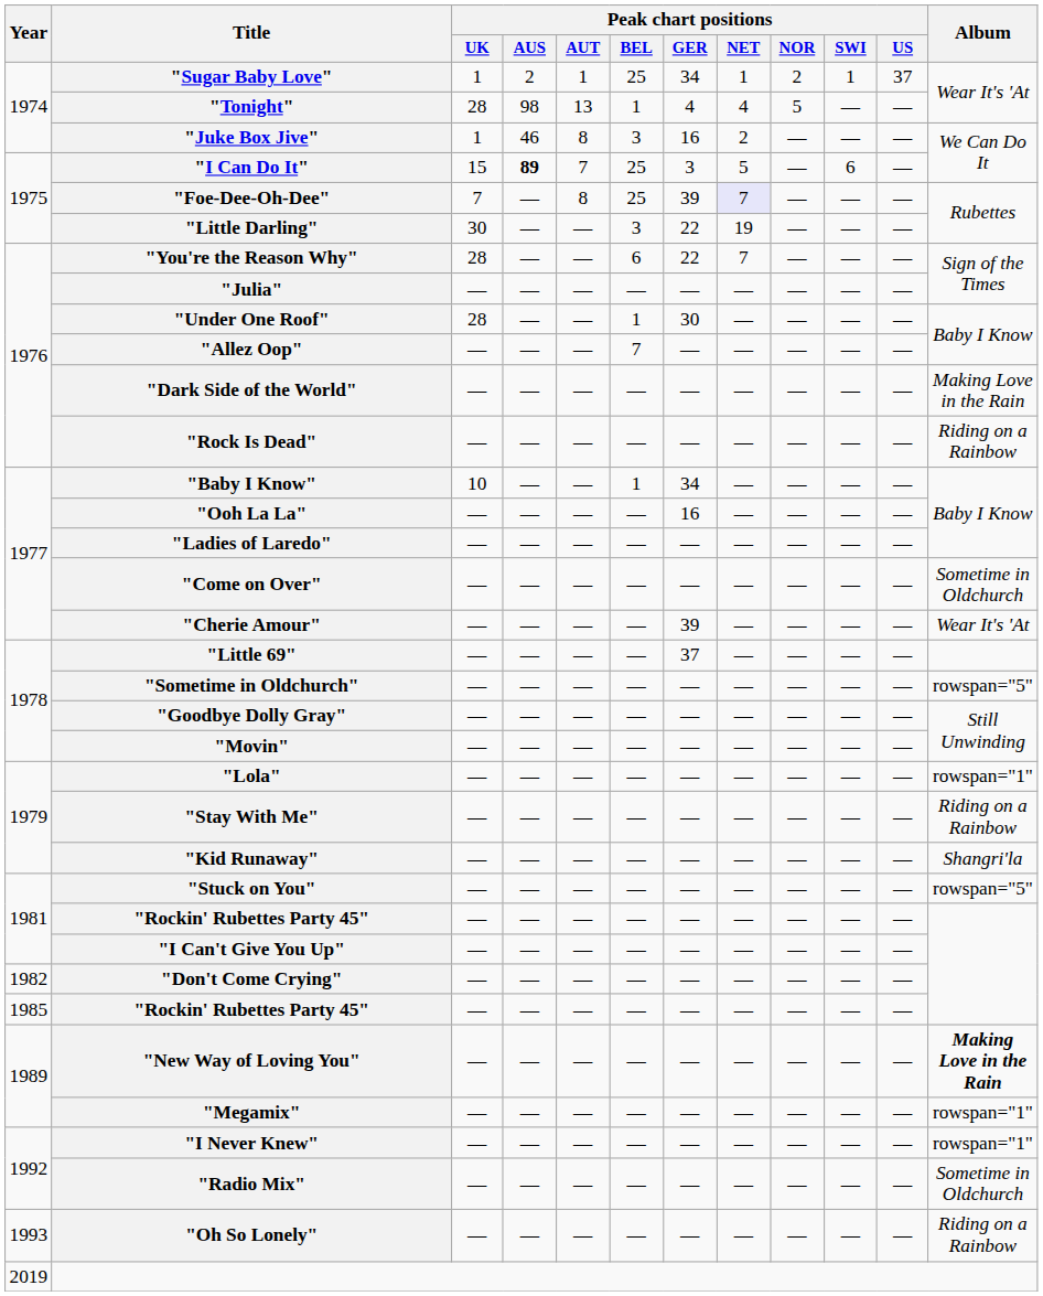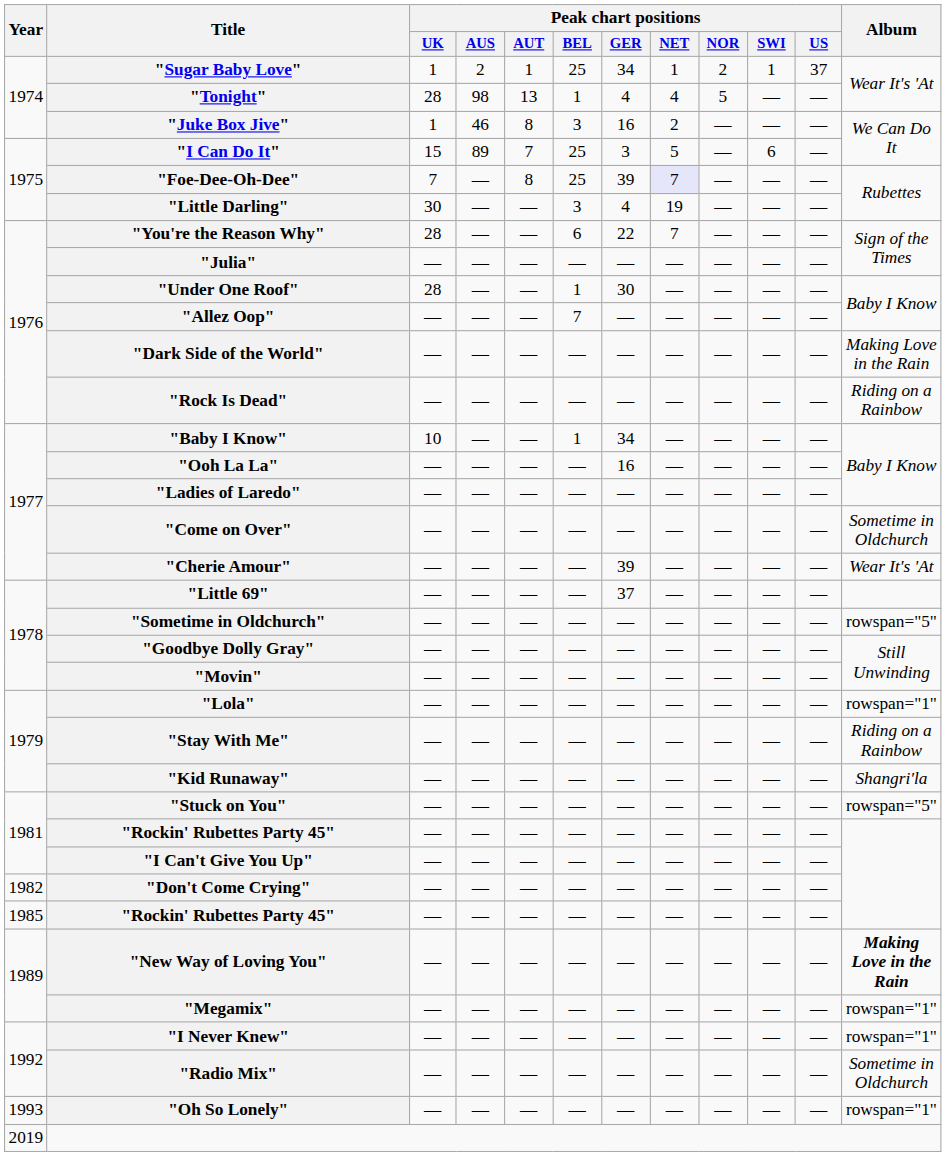 <table class="wikitable plainrowheaders" style="text-align:center;">
 <tr>
 <th scope="col" rowspan="2">Year</th>
 <th scope="col" rowspan="2" style="width:24em;">Title</th>
 <th scope="col" colspan="9">Peak chart positions</th>
 <th scope="col" rowspan="2">Album</th>
 </tr>
 <tr>
 <th style="width:3em;font-size:85%"><a href='#'>UK</a><br></th>
 <th style="width:3em;font-size:85%"><a href='#'>AUS</a><br></th>
 <th style="width:3em;font-size:85%"><a href='#'>AUT</a><br></th>
 <th style="width:3em;font-size:85%"><a href='#'>BEL</a><br></th>
 <th style="width:3em;font-size:85%"><a href='#'>GER</a><br></th>
 <th style="width:3em;font-size:85%"><a href='#'>NET</a><br></th>
 <th style="width:3em;font-size:85%"><a href='#'>NOR</a><br></th>
 <th style="width:3em;font-size:85%"><a href='#'>SWI</a><br></th>
 <th style="width:3em;font-size:85%"><a href='#'>US</a><br></th>
 </tr>
 <tr>
 <td rowspan="3">1974</td>
 <th scope="row">"<a href='#'>Sugar Baby Love</a>"</th>
 <td>1</td>
 <td>2</td>
 <td>1</td>
 <td>25</td>
 <td>34</td>
 <td>1</td>
 <td>2</td>
 <td>1</td>
 <td>37</td>
 <td rowspan="2"><em>Wear It's 'At</em></td>
 </tr>
 <tr>
 <th scope="row">"<a href='#'>Tonight</a>"</th>
 <td>28</td>
 <td>98</td>
 <td>13</td>
 <td>1</td>
 <td>4</td>
 <td>4</td>
 <td>5</td>
 <td>—</td>
 <td>—</td>
 </tr>
 <tr>
 <th scope="row">"<a href='#'>Juke Box Jive</a>"</th>
 <td>1</td>
 <td>46</td>
 <td>8</td>
 <td>3</td>
 <td>16</td>
 <td>2</td>
 <td>—</td>
 <td>—</td>
 <td>—</td>
 <td rowspan="2"><em>We Can Do It</em></td>
 </tr>
 <tr>
 <td rowspan="3">1975</td>
 <th scope="row">"<a href='#'>I Can Do It</a>"</th>
 <td>15</td>
-<td><strong>89</strong></td>
+<td>89</td>
 <td>7</td>
 <td>25</td>
 <td>3</td>
 <td>5</td>
 <td>—</td>
 <td>6</td>
 <td>—</td>
 </tr>
 <tr>
 <th scope="row">"Foe-Dee-Oh-Dee"</th>
 <td>7</td>
 <td>—</td>
 <td>8</td>
 <td>25</td>
 <td>39</td>
 <td style="background: lavender;">7</td>
 <td>—</td>
 <td>—</td>
 <td>—</td>
 <td rowspan="2"><em>Rubettes</em></td>
 </tr>
 <tr>
 <th scope="row">"Little Darling"</th>
 <td>30</td>
 <td>—</td>
 <td>—</td>
 <td>3</td>
-<td>22</td>
+<td>4</td>
 <td>19</td>
 <td>—</td>
 <td>—</td>
 <td>—</td>
 </tr>
 <tr>
 <td rowspan="6">1976</td>
 <th scope="row">"You're the Reason Why"</th>
 <td>28</td>
 <td>—</td>
 <td>—</td>
 <td>6</td>
 <td>22</td>
 <td>7</td>
 <td>—</td>
 <td>—</td>
 <td>—</td>
 <td rowspan="2"><em>Sign of the Times</em></td>
 </tr>
 <tr>
 <th scope="row">"Julia"</th>
 <td>—</td>
 <td>—</td>
 <td>—</td>
 <td>—</td>
 <td>—</td>
 <td>—</td>
 <td>—</td>
 <td>—</td>
 <td>—</td>
 </tr>
 <tr>
 <th scope="row">"Under One Roof"</th>
 <td>28</td>
 <td>—</td>
 <td>—</td>
 <td>1</td>
 <td>30</td>
 <td>—</td>
 <td>—</td>
 <td>—</td>
 <td>—</td>
 <td rowspan="2"><em>Baby I Know</em></td>
 </tr>
 <tr>
 <th scope="row">"Allez Oop"</th>
 <td>—</td>
 <td>—</td>
 <td>—</td>
 <td>7</td>
 <td>—</td>
 <td>—</td>
 <td>—</td>
 <td>—</td>
 <td>—</td>
 </tr>
 <tr>
 <th scope="row">"Dark Side of the World"</th>
 <td>—</td>
 <td>—</td>
 <td>—</td>
 <td>—</td>
 <td>—</td>
 <td>—</td>
 <td>—</td>
 <td>—</td>
 <td>—</td>
 <td><em>Making Love in the Rain</em></td>
 </tr>
 <tr>
 <th scope="row">"Rock Is Dead"</th>
 <td>—</td>
 <td>—</td>
 <td>—</td>
 <td>—</td>
 <td>—</td>
 <td>—</td>
 <td>—</td>
 <td>—</td>
 <td>—</td>
 <td rowspan="1"><em>Riding on a Rainbow</em></td>
 </tr>
 <tr>
 <td rowspan="5">1977</td>
 <th scope="row">"Baby I Know"</th>
 <td>10</td>
 <td>—</td>
 <td>—</td>
 <td>1</td>
 <td>34</td>
 <td>—</td>
 <td>—</td>
 <td>—</td>
 <td>—</td>
 <td rowspan="3"><em>Baby I Know</em></td>
 </tr>
 <tr>
 <th scope="row">"Ooh La La"</th>
 <td>—</td>
 <td>—</td>
 <td>—</td>
 <td>—</td>
 <td>16</td>
 <td>—</td>
 <td>—</td>
 <td>—</td>
 <td>—</td>
 </tr>
 <tr>
 <th scope="row">"Ladies of Laredo"</th>
 <td>—</td>
 <td>—</td>
 <td>—</td>
 <td>—</td>
 <td>—</td>
 <td>—</td>
 <td>—</td>
 <td>—</td>
 <td>—</td>
 </tr>
 <tr>
 <th scope="row">"Come on Over"</th>
 <td>—</td>
 <td>—</td>
 <td>—</td>
 <td>—</td>
 <td>—</td>
 <td>—</td>
 <td>—</td>
 <td>—</td>
 <td>—</td>
 <td rowspan="1"><em>Sometime in Oldchurch</em></td>
 </tr>
 <tr>
 <th scope="row">"Cherie Amour"</th>
 <td>—</td>
 <td>—</td>
 <td>—</td>
 <td>—</td>
 <td>39</td>
 <td>—</td>
 <td>—</td>
 <td>—</td>
 <td>—</td>
 <td rowspan="1"><em>Wear It's 'At</em></td>
 </tr>
 <tr>
 <td rowspan="4">1978</td>
 <th scope="row">"Little 69"</th>
 <td>—</td>
 <td>—</td>
 <td>—</td>
 <td>—</td>
 <td>37</td>
 <td>—</td>
 <td>—</td>
 <td>—</td>
 <td>—</td>
 </tr>
 <tr>
 <th scope="row">"Sometime in Oldchurch"</th>
 <td>—</td>
 <td>—</td>
 <td>—</td>
 <td>—</td>
 <td>—</td>
 <td>—</td>
 <td>—</td>
 <td>—</td>
 <td>—</td>
 <td>rowspan="5" </td>
 </tr>
 <tr>
 <th scope="row">"Goodbye Dolly Gray"</th>
 <td>—</td>
 <td>—</td>
 <td>—</td>
 <td>—</td>
 <td>—</td>
 <td>—</td>
 <td>—</td>
 <td>—</td>
 <td>—</td>
 <td rowspan="2"><em>Still Unwinding</em></td>
 </tr>
 <tr>
 <th scope="row">"Movin"</th>
 <td>—</td>
 <td>—</td>
 <td>—</td>
 <td>—</td>
 <td>—</td>
 <td>—</td>
 <td>—</td>
 <td>—</td>
 <td>—</td>
 </tr>
 <tr>
 <td rowspan="3">1979</td>
 <th scope="row">"Lola"</th>
 <td>—</td>
 <td>—</td>
 <td>—</td>
 <td>—</td>
 <td>—</td>
 <td>—</td>
 <td>—</td>
 <td>—</td>
 <td>—</td>
 <td>rowspan="1" </td>
 </tr>
 <tr>
 <th scope="row">"Stay With Me"</th>
 <td>—</td>
 <td>—</td>
 <td>—</td>
 <td>—</td>
 <td>—</td>
 <td>—</td>
 <td>—</td>
 <td>—</td>
 <td>—</td>
 <td rowspan="1"><em>Riding on a Rainbow</em></td>
 </tr>
 <tr>
 <th scope="row">"Kid Runaway"</th>
 <td>—</td>
 <td>—</td>
 <td>—</td>
 <td>—</td>
 <td>—</td>
 <td>—</td>
 <td>—</td>
 <td>—</td>
 <td>—</td>
 <td><em>Shangri'la</em></td>
 </tr>
 <tr>
 <td rowspan="3">1981</td>
 <th scope="row">"Stuck on You"</th>
 <td>—</td>
 <td>—</td>
 <td>—</td>
 <td>—</td>
 <td>—</td>
 <td>—</td>
 <td>—</td>
 <td>—</td>
 <td>—</td>
 <td>rowspan="5" </td>
 </tr>
 <tr>
 <th scope="row">"Rockin' Rubettes Party 45"</th>
 <td>—</td>
 <td>—</td>
 <td>—</td>
 <td>—</td>
 <td>—</td>
 <td>—</td>
 <td>—</td>
 <td>—</td>
 <td>—</td>
 </tr>
 <tr>
 <th scope="row">"I Can't Give You Up"</th>
 <td>—</td>
 <td>—</td>
 <td>—</td>
 <td>—</td>
 <td>—</td>
 <td>—</td>
 <td>—</td>
 <td>—</td>
 <td>—</td>
 </tr>
 <tr>
 <td rowspan="1">1982</td>
 <th scope="row">"Don't Come Crying"</th>
 <td>—</td>
 <td>—</td>
 <td>—</td>
 <td>—</td>
 <td>—</td>
 <td>—</td>
 <td>—</td>
 <td>—</td>
 <td>—</td>
 </tr>
 <tr>
 <td rowspan="1">1985</td>
 <th scope="row">"Rockin' Rubettes Party 45"</th>
 <td>—</td>
 <td>—</td>
 <td>—</td>
 <td>—</td>
 <td>—</td>
 <td>—</td>
 <td>—</td>
 <td>—</td>
 <td>—</td>
 </tr>
 <tr>
 <td rowspan="2">1989</td>
 <th scope="row">"New Way of Loving You"</th>
 <td>—</td>
 <td>—</td>
 <td>—</td>
 <td>—</td>
 <td>—</td>
 <td>—</td>
 <td>—</td>
 <td>—</td>
 <td>—</td>
 <td><strong><em>Making Love in the Rain</em></strong></td>
 </tr>
 <tr>
 <th scope="row">"Megamix"</th>
 <td>—</td>
 <td>—</td>
 <td>—</td>
 <td>—</td>
 <td>—</td>
 <td>—</td>
 <td>—</td>
 <td>—</td>
 <td>—</td>
 <td>rowspan="1" </td>
 </tr>
 <tr>
 <td rowspan="2">1992</td>
 <th scope="row">"I Never Knew"</th>
 <td>—</td>
 <td>—</td>
 <td>—</td>
 <td>—</td>
 <td>—</td>
 <td>—</td>
 <td>—</td>
 <td>—</td>
 <td>—</td>
 <td>rowspan="1" </td>
 </tr>
 <tr>
 <th scope="row">"Radio Mix"</th>
 <td>—</td>
 <td>—</td>
 <td>—</td>
 <td>—</td>
 <td>—</td>
 <td>—</td>
 <td>—</td>
 <td>—</td>
 <td>—</td>
 <td rowspan="1"><em>Sometime in Oldchurch</em></td>
 </tr>
 <tr>
 <td rowspan="1">1993</td>
 <th scope="row">"Oh So Lonely"</th>
 <td>—</td>
 <td>—</td>
 <td>—</td>
 <td>—</td>
 <td>—</td>
 <td>—</td>
 <td>—</td>
 <td>—</td>
 <td>—</td>
-<td rowspan="1"><em>Riding on a Rainbow</em></td>
+<td>rowspan="1" </td>
 </tr>
 <tr>
 <td rowspan="1">2019</td>
 </tr>
 </table>
